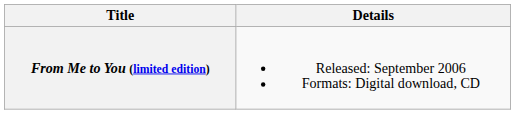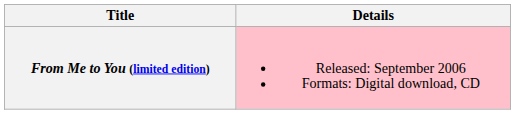 <table class="wikitable plainrowheaders" style="text-align:center;">
 <tr>
 <th scope="col" style="width:16em;">Title</th>
 <th scope="col" style="width:19em;">Details</th>
 </tr>
 <tr>
 <th scope="row"><em>From Me to You</em> <small>(<a href='#'>limited edition</a>)</small></th>
-<td><br><ul><li>Released: September 2006</li><li>Formats: Digital download, CD</li></ul></td>
+<td style="background: pink;"><br><ul><li>Released: September 2006</li><li>Formats: Digital download, CD</li></ul></td>
 </tr>
 </table>
